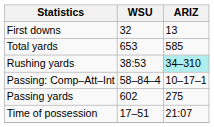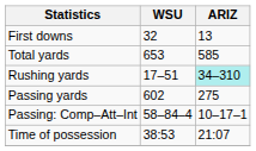 <table class="wikitable" style="float: left;">
 <tr>
 <th>Statistics</th>
 <th>WSU</th>
 <th>ARIZ</th>
 </tr>
 <tr>
 <td>First downs</td>
 <td>32</td>
 <td>13</td>
 </tr>
 <tr>
 <td>Total yards</td>
 <td>653</td>
 <td>585</td>
 </tr>
 <tr>
 <td>Rushing yards</td>
-<td>38:53</td>
+<td>17–51</td>
 <td style="background: paleturquoise;">34–310</td>
+</tr>
+<tr>
+<td>Passing yards</td>
+<td>602</td>
+<td>275</td>
 </tr>
 <tr>
 <td>Passing: Comp–Att–Int</td>
 <td>58–84–4</td>
 <td>10–17–1</td>
 </tr>
 <tr>
-<td>Passing yards</td>
-<td>602</td>
-<td>275</td>
-</tr>
-<tr>
 <td>Time of possession</td>
-<td>17–51</td>
+<td>38:53</td>
 <td>21:07</td>
 </tr>
 <tr>
 </tr>
 </table>
